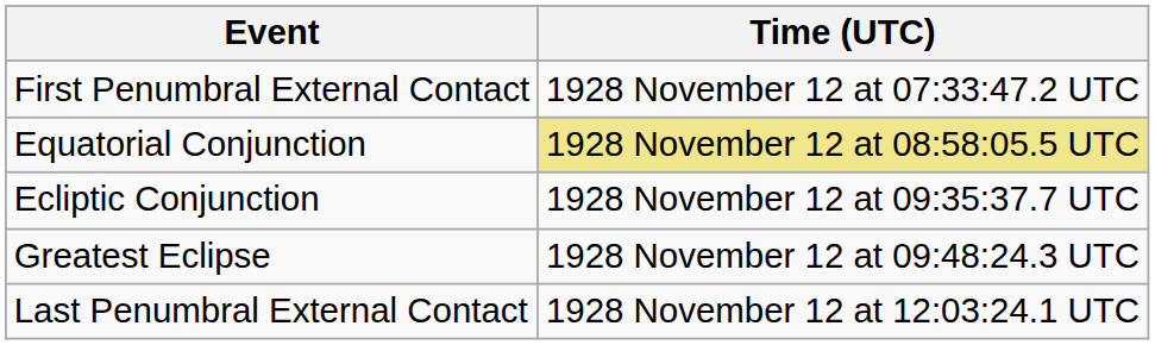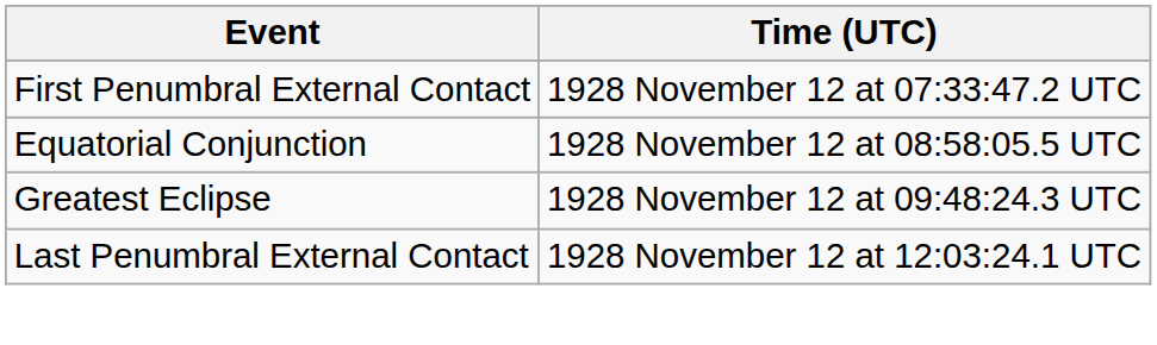 <table class="wikitable">
 <tr>
 <th>Event</th>
 <th>Time (UTC)</th>
 </tr>
 <tr>
 <td>First Penumbral External Contact</td>
 <td>1928 November 12 at 07:33:47.2 UTC</td>
 </tr>
 <tr>
 <td>Equatorial Conjunction</td>
-<td style="background: khaki;">1928 November 12 at 08:58:05.5 UTC</td>
-</tr>
-<tr>
-<td>Ecliptic Conjunction</td>
-<td>1928 November 12 at 09:35:37.7 UTC</td>
+<td>1928 November 12 at 08:58:05.5 UTC</td>
 </tr>
 <tr>
 <td>Greatest Eclipse</td>
 <td>1928 November 12 at 09:48:24.3 UTC</td>
 </tr>
 <tr>
 <td>Last Penumbral External Contact</td>
 <td>1928 November 12 at 12:03:24.1 UTC</td>
 </tr>
 </table>
